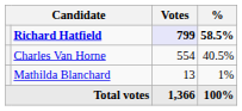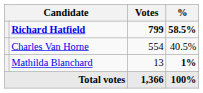 <table class="wikitable" style="font-size: 95%;">
 <tr style="background-color:#E9E9E9">
 <th colspan="2" style="width: 170px">Candidate</th>
 <th style="width: 50px">Votes</th>
 <th style="width: 40px">%</th>
 </tr>
 <tr>
 <th></th>
 <td style="width: 170px"><strong><a href='#'>Richard Hatfield</a></strong></td>
-<td align="right" style="background: lavender;"><strong>799</strong></td>
+<td align="right"><strong>799</strong></td>
 <td align="right"><strong>58.5%</strong></td>
 </tr>
 <tr>
 <th></th>
 <td style="width: 170px"><a href='#'>Charles Van Horne</a></td>
 <td align="right">554</td>
 <td align="right">40.5%</td>
 </tr>
 <tr>
 <th></th>
 <td style="width: 170px"><a href='#'>Mathilda Blanchard</a></td>
 <td align="right">13</td>
-<td align="right">1%</td>
+<td align="right"><strong>1%</strong></td>
 </tr>
 <tr>
 <td colspan="2" style="background-color:#e9e9e9; text-align:right;"><strong>Total votes</strong></td>
 <td style="background-color:#e9e9e9; text-align:right;"><strong>1,366</strong></td>
 <td style="background-color:#e9e9e9; text-align:right;"><strong>100%</strong></td>
 </tr>
 </table>
